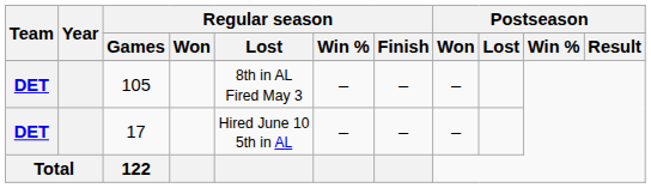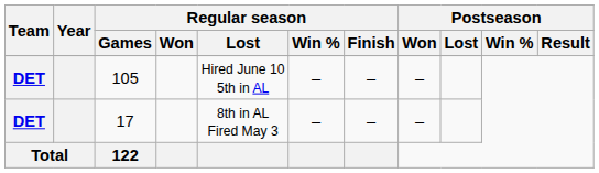 <table class="wikitable" style="font-size: 95%; text-align:center;">
 <tr>
 <th rowspan="2">Team</th>
 <th rowspan="2">Year</th>
 <th colspan="5">Regular season</th>
 <th colspan="4">Postseason</th>
 </tr>
 <tr>
 <th>Games</th>
 <th>Won</th>
 <th>Lost</th>
 <th>Win %</th>
 <th>Finish</th>
 <th>Won</th>
 <th>Lost</th>
 <th>Win %</th>
 <th>Result</th>
 </tr>
 <tr>
 </tr>
 <tr>
 <th><a href='#'>DET</a></th>
 <th></th>
 <td>105</td>
 <td></td>
-<td><small>8th in AL<br>Fired May 3</small></td>
+<td><small>Hired June 10<br>5th in <a href='#'>AL</a></small></td>
 <td>–</td>
 <td>–</td>
 <td>–</td>
 <td></td>
 </tr>
 <tr>
 <th><a href='#'>DET</a></th>
 <th></th>
 <td>17</td>
 <td></td>
-<td><small>Hired June 10<br>5th in <a href='#'>AL</a></small></td>
+<td><small>8th in AL<br>Fired May 3</small></td>
 <td>–</td>
 <td>–</td>
 <td>–</td>
 <td></td>
 </tr>
 <tr>
 <th colspan="2">Total</th>
 <th>122</th>
 <th></th>
 <th></th>
 <th></th>
 <th></th>
 </tr>
 </table>
